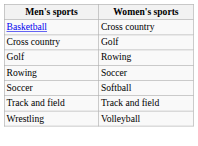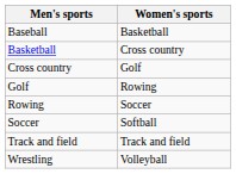 <table class="wikitable"; style= "text-align: ">
 <tr>
 <th width=150px>Men's sports</th>
 <th width=150px>Women's sports</th>
+</tr>
+<tr>
+<td>Baseball</td>
+<td>Basketball</td>
 </tr>
 <tr>
 <td><a href='#'>Basketball</a></td>
 <td>Cross country</td>
 </tr>
 <tr>
 <td>Cross country</td>
 <td>Golf</td>
 </tr>
 <tr>
 <td>Golf</td>
 <td>Rowing</td>
 </tr>
 <tr>
 <td>Rowing</td>
 <td>Soccer</td>
 </tr>
 <tr>
 <td>Soccer</td>
 <td>Softball</td>
 </tr>
 <tr>
 <td>Track and field</td>
 <td>Track and field</td>
 </tr>
 <tr>
 <td>Wrestling</td>
 <td>Volleyball</td>
 </tr>
 </table>
